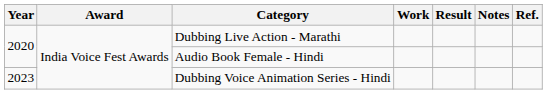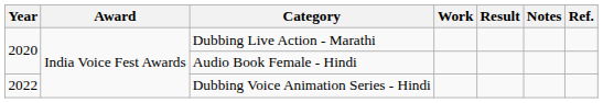 <table class="wikitable">
 <tr>
 <th>Year</th>
 <th>Award</th>
 <th>Category</th>
 <th>Work</th>
 <th>Result</th>
 <th>Notes</th>
 <th>Ref.</th>
 </tr>
 <tr>
 <td rowspan="2">2020</td>
 <td rowspan="3">India Voice Fest Awards</td>
 <td>Dubbing Live Action - Marathi</td>
 <td></td>
 <td></td>
 <td></td>
 <td></td>
 </tr>
 <tr>
 <td>Audio Book Female - Hindi</td>
 <td></td>
 <td></td>
 <td></td>
 <td></td>
 </tr>
 <tr>
-<td>2023</td>
+<td>2022</td>
 <td>Dubbing Voice Animation Series - Hindi</td>
 <td></td>
 <td></td>
 <td></td>
 <td></td>
 </tr>
 </table>
